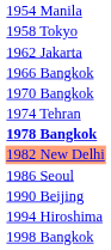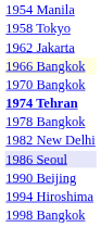 <table>
 <tr>
 <td><a href='#'>1954 Manila</a></td>
 <td></td>
 <td></td>
 <td></td>
 </tr>
 <tr>
 <td><a href='#'>1958 Tokyo</a></td>
 <td></td>
 <td></td>
 <td></td>
 </tr>
 <tr>
 <td><a href='#'>1962 Jakarta</a></td>
 <td></td>
 <td></td>
 <td></td>
 </tr>
 <tr>
-<td><a href='#'>1966 Bangkok</a></td>
+<td style="background: lightyellow;"><a href='#'>1966 Bangkok</a></td>
 <td></td>
 <td></td>
 <td></td>
 </tr>
 <tr>
 <td><a href='#'>1970 Bangkok</a></td>
 <td></td>
 <td></td>
 <td></td>
 </tr>
 <tr>
-<td><a href='#'>1974 Tehran</a></td>
+<td><strong><a href='#'>1974 Tehran</a></strong></td>
 <td></td>
 <td></td>
 <td></td>
 </tr>
 <tr>
-<td><strong><a href='#'>1978 Bangkok</a></strong></td>
+<td><a href='#'>1978 Bangkok</a></td>
 <td></td>
 <td></td>
 <td></td>
 </tr>
 <tr>
-<td style="background: lightsalmon;"><a href='#'>1982 New Delhi</a></td>
+<td><a href='#'>1982 New Delhi</a></td>
 <td></td>
 <td></td>
 <td></td>
 </tr>
 <tr>
-<td><a href='#'>1986 Seoul</a></td>
+<td style="background: lavender;"><a href='#'>1986 Seoul</a></td>
 <td></td>
 <td></td>
 <td></td>
 </tr>
 <tr>
 <td><a href='#'>1990 Beijing</a></td>
 <td></td>
 <td></td>
 <td></td>
 </tr>
 <tr>
 <td><a href='#'>1994 Hiroshima</a></td>
 <td></td>
 <td></td>
 <td></td>
 </tr>
 <tr>
 <td><a href='#'>1998 Bangkok</a></td>
 <td></td>
 <td></td>
 <td></td>
 </tr>
 </table>
